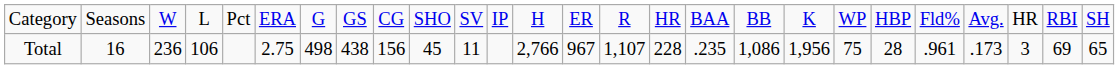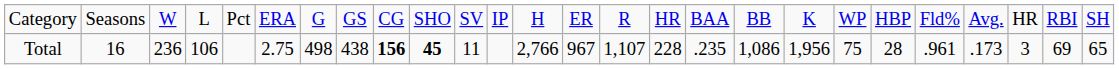 <table class=wikitable style="text-align:center">
 <tr>
 <td>Category</td>
 <td>Seasons</td>
 <td><a href='#'>W</a></td>
 <td>L</td>
 <td>Pct</td>
 <td><a href='#'>ERA</a></td>
 <td><a href='#'>G</a></td>
 <td><a href='#'>GS</a></td>
 <td><a href='#'>CG</a></td>
 <td><a href='#'>SHO</a></td>
 <td><a href='#'>SV</a></td>
 <td><a href='#'>IP</a></td>
 <td><a href='#'>H</a></td>
 <td><a href='#'>ER</a></td>
 <td><a href='#'>R</a></td>
 <td><a href='#'>HR</a></td>
 <td><a href='#'>BAA</a></td>
 <td><a href='#'>BB</a></td>
 <td><a href='#'>K</a></td>
 <td><a href='#'>WP</a></td>
 <td><a href='#'>HBP</a></td>
 <td><a href='#'>Fld%</a></td>
 <td><a href='#'>Avg.</a></td>
 <td>HR</td>
 <td><a href='#'>RBI</a></td>
 <td><a href='#'>SH</a></td>
 </tr>
 <tr>
 <td>Total</td>
 <td>16</td>
 <td>236</td>
 <td>106</td>
 <td></td>
 <td>2.75</td>
 <td>498</td>
 <td>438</td>
-<td>156</td>
-<td>45</td>
+<td><strong>156</strong></td>
+<td><strong>45</strong></td>
 <td>11</td>
 <td></td>
 <td>2,766</td>
 <td>967</td>
 <td>1,107</td>
 <td>228</td>
 <td>.235</td>
 <td>1,086</td>
 <td>1,956</td>
 <td>75</td>
 <td>28</td>
 <td>.961</td>
 <td>.173</td>
 <td>3</td>
 <td>69</td>
 <td>65</td>
 </tr>
 </table>
